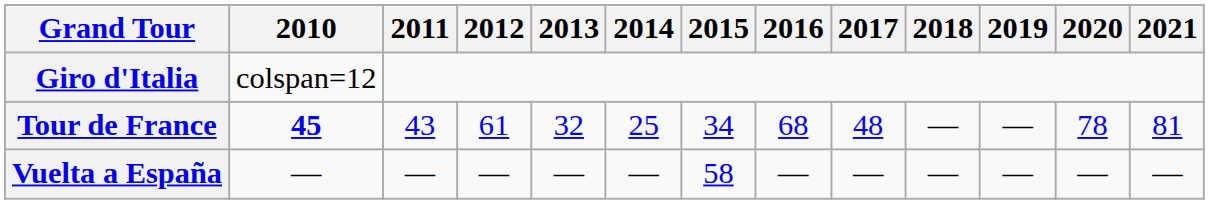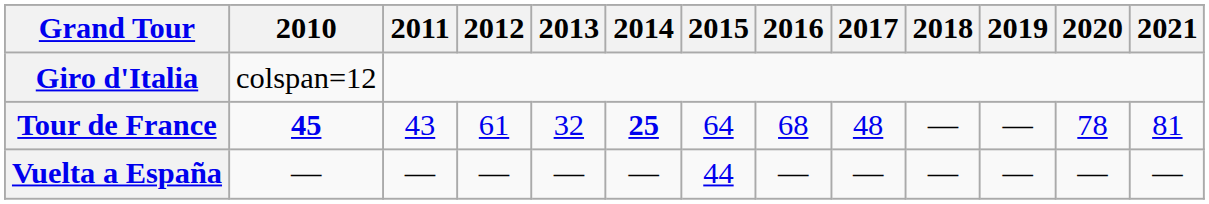 <table class="wikitable plainrowheaders">
 <tr>
 <th scope="col"><a href='#'>Grand Tour</a></th>
 <th scope="col">2010</th>
 <th scope="col">2011</th>
 <th scope="col">2012</th>
 <th scope="col">2013</th>
 <th scope="col">2014</th>
 <th scope="col">2015</th>
 <th scope="col">2016</th>
 <th scope="col">2017</th>
 <th scope="col">2018</th>
 <th scope="col">2019</th>
 <th scope="col">2020</th>
 <th scope="col">2021</th>
 </tr>
 <tr style="text-align:center;">
 <th scope="row"> <a href='#'>Giro d'Italia</a></th>
 <td>colspan=12 </td>
 </tr>
 <tr style="text-align:center;">
 <th scope="row"> <a href='#'>Tour de France</a></th>
 <td><strong><a href='#'>45</a></strong></td>
 <td><a href='#'>43</a></td>
 <td><a href='#'>61</a></td>
 <td><a href='#'>32</a></td>
-<td><a href='#'>25</a></td>
-<td><a href='#'>34</a></td>
+<td><strong><a href='#'>25</a></strong></td>
+<td><a href='#'>64</a></td>
 <td><a href='#'>68</a></td>
 <td><a href='#'>48</a></td>
 <td>—</td>
 <td>—</td>
 <td><a href='#'>78</a></td>
 <td><a href='#'>81</a></td>
 </tr>
 <tr style="text-align:center;">
 <th scope="row"> <a href='#'>Vuelta a España</a></th>
 <td>—</td>
 <td>—</td>
 <td>—</td>
 <td>—</td>
 <td>—</td>
-<td><a href='#'>58</a></td>
+<td><a href='#'>44</a></td>
 <td>—</td>
 <td>—</td>
 <td>—</td>
 <td>—</td>
 <td>—</td>
 <td>—</td>
 </tr>
 </table>
